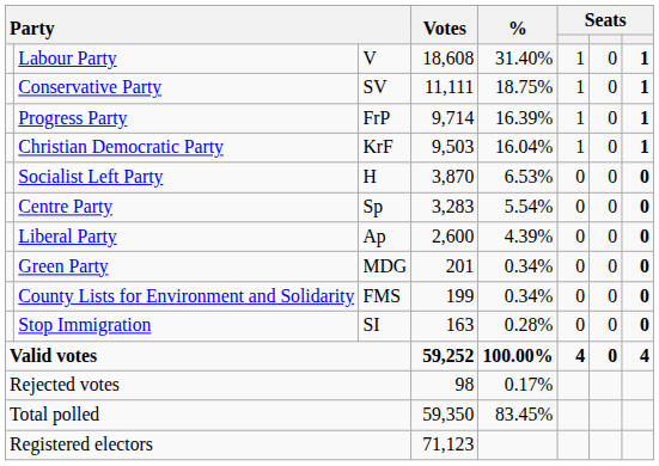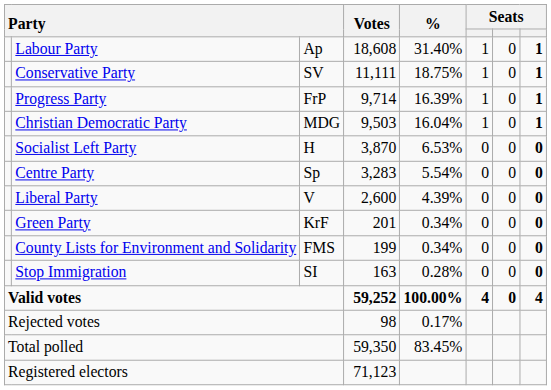 <table class="wikitable" border="1" style="text-align:right;">
 <tr>
 <th style="text-align:left;" valign=bottom rowspan=2 colspan=3>Party</th>
 <th align=center valign=bottom rowspan=2 width="50">Votes</th>
 <th align=center valign=bottom rowspan=2 width="50">%</th>
 <th colspan=3>Seats</th>
 </tr>
 <tr>
 <th align=center valign=bottom width="20"><small></small></th>
 <th align=center valign=bottom width="20"><small><a href='#'></a></small></th>
 <th align=center valign=bottom width="20"><small></small></th>
 </tr>
 <tr>
 <td style="color:inherit;background:"></td>
 <td align=left><a href='#'>Labour Party</a></td>
-<td align=left>V</td>
+<td align=left>Ap</td>
 <td>18,608</td>
 <td>31.40%</td>
 <td>1</td>
 <td>0</td>
 <td><strong>1</strong></td>
 </tr>
 <tr>
 <td style="color:inherit;background:"></td>
 <td align=left><a href='#'>Conservative Party</a></td>
 <td align=left>SV</td>
 <td>11,111</td>
 <td>18.75%</td>
 <td>1</td>
 <td>0</td>
 <td><strong>1</strong></td>
 </tr>
 <tr>
 <td style="color:inherit;background:"></td>
 <td align=left><a href='#'>Progress Party</a></td>
 <td align=left>FrP</td>
 <td>9,714</td>
 <td>16.39%</td>
 <td>1</td>
 <td>0</td>
 <td><strong>1</strong></td>
 </tr>
 <tr>
 <td style="color:inherit;background:"></td>
 <td align=left><a href='#'>Christian Democratic Party</a></td>
-<td align=left>KrF</td>
+<td align=left>MDG</td>
 <td>9,503</td>
 <td>16.04%</td>
 <td>1</td>
 <td>0</td>
 <td><strong>1</strong></td>
 </tr>
 <tr>
 <td style="color:inherit;background:"></td>
 <td align=left><a href='#'>Socialist Left Party</a></td>
 <td align=left>H</td>
 <td>3,870</td>
 <td>6.53%</td>
 <td>0</td>
 <td>0</td>
 <td><strong>0</strong></td>
 </tr>
 <tr>
 <td style="color:inherit;background:"></td>
 <td align=left><a href='#'>Centre Party</a></td>
 <td align=left>Sp</td>
 <td>3,283</td>
 <td>5.54%</td>
 <td>0</td>
 <td>0</td>
 <td><strong>0</strong></td>
 </tr>
 <tr>
 <td style="color:inherit;background:"></td>
 <td align=left><a href='#'>Liberal Party</a></td>
-<td align=left>Ap</td>
+<td align=left>V</td>
 <td>2,600</td>
 <td>4.39%</td>
 <td>0</td>
 <td>0</td>
 <td><strong>0</strong></td>
 </tr>
 <tr>
 <td style="color:inherit;background:"></td>
 <td align=left><a href='#'>Green Party</a></td>
-<td align=left>MDG</td>
+<td align=left>KrF</td>
 <td>201</td>
 <td>0.34%</td>
 <td>0</td>
 <td>0</td>
 <td><strong>0</strong></td>
 </tr>
 <tr>
 <td></td>
 <td align=left><a href='#'>County Lists for Environment and Solidarity</a></td>
 <td align=left>FMS</td>
 <td>199</td>
 <td>0.34%</td>
 <td>0</td>
 <td>0</td>
 <td><strong>0</strong></td>
 </tr>
 <tr>
 <td style="color:inherit;background:"></td>
 <td align=left><a href='#'>Stop Immigration</a></td>
 <td align=left>SI</td>
 <td>163</td>
 <td>0.28%</td>
 <td>0</td>
 <td>0</td>
 <td><strong>0</strong></td>
 </tr>
 <tr style="font-weight:bold">
 <td align=left colspan=3>Valid votes</td>
 <td>59,252</td>
 <td>100.00%</td>
 <td>4</td>
 <td>0</td>
 <td>4</td>
 </tr>
 <tr>
 <td align=left colspan=3>Rejected votes</td>
 <td>98</td>
 <td>0.17%</td>
 <td></td>
 <td></td>
 <td></td>
 </tr>
 <tr>
 <td align=left colspan=3>Total polled</td>
 <td>59,350</td>
 <td>83.45%</td>
 <td></td>
 <td></td>
 <td></td>
 </tr>
 <tr>
 <td align=left colspan=3>Registered electors</td>
 <td>71,123</td>
 <td></td>
 <td></td>
 <td></td>
 <td></td>
 </tr>
 </table>
